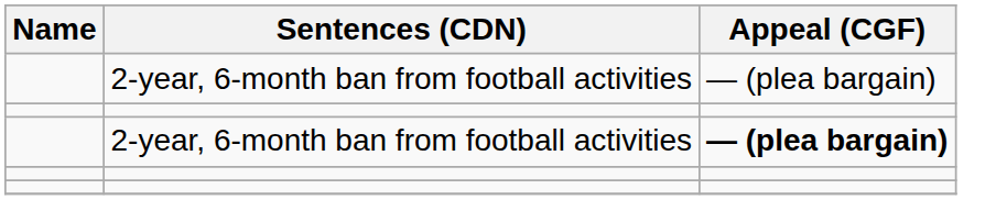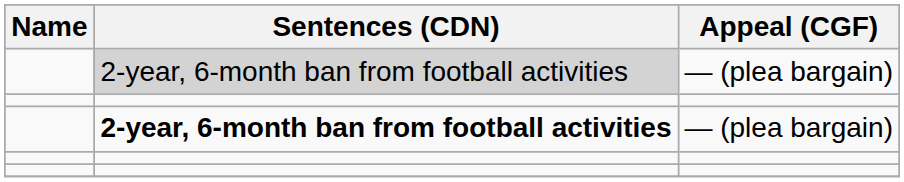 <table class="wikitable sortable">
 <tr>
 <th>Name</th>
 <th>Sentences (CDN)</th>
 <th>Appeal (CGF)</th>
 </tr>
 <tr>
 <td></td>
-<td> 2-year, 6-month ban from football activities</td>
+<td style="background: lightgrey;"> 2-year, 6-month ban from football activities</td>
 <td>— (plea bargain)</td>
 </tr>
 <tr>
 <td></td>
 <td></td>
 <td></td>
 </tr>
 <tr>
 <td></td>
-<td> 2-year, 6-month ban from football activities</td>
-<td><strong>— (plea bargain)</strong></td>
+<td><strong> 2-year, 6-month ban from football activities</strong></td>
+<td>— (plea bargain)</td>
 </tr>
 <tr>
 <td></td>
 <td></td>
 <td></td>
 </tr>
 <tr>
 <td></td>
 <td></td>
 <td></td>
 </tr>
 <tr>
 </tr>
 </table>
